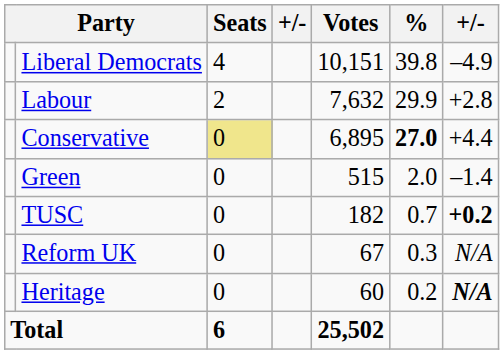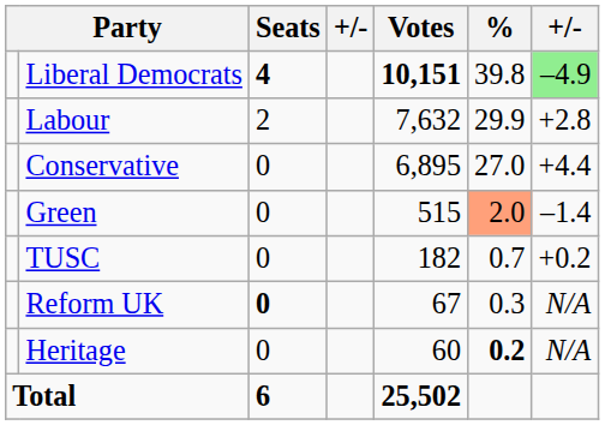 <table class="wikitable sortable">
 <tr>
 <th colspan="2">Party</th>
 <th>Seats</th>
 <th>+/-</th>
 <th>Votes</th>
 <th>%</th>
 <th>+/-</th>
 </tr>
 <tr>
 <td style="background-color: "></td>
 <td><a href='#'>Liberal Democrats</a></td>
-<td>4</td>
+<td><strong>4</strong></td>
 <td></td>
-<td style="text-align:right;">10,151</td>
+<td style="text-align:right;"><strong>10,151</strong></td>
 <td style="text-align:right;">39.8</td>
-<td style="text-align:right;">–4.9</td>
+<td style="background: lightgreen; text-align:right;">–4.9</td>
 </tr>
 <tr>
 <td style="background-color: "></td>
 <td><a href='#'>Labour</a></td>
 <td>2</td>
 <td></td>
 <td style="text-align:right;">7,632</td>
 <td style="text-align:right;">29.9</td>
 <td style="text-align:right;">+2.8</td>
 </tr>
 <tr>
 <td style="background-color: "></td>
 <td><a href='#'>Conservative</a></td>
-<td style="background: khaki;">0</td>
+<td>0</td>
 <td></td>
 <td style="text-align:right;">6,895</td>
-<td style="text-align:right;"><strong>27.0</strong></td>
+<td style="text-align:right;">27.0</td>
 <td style="text-align:right;">+4.4</td>
 </tr>
 <tr>
 <td style="background-color: "></td>
 <td><a href='#'>Green</a></td>
 <td>0</td>
 <td></td>
 <td style="text-align:right;">515</td>
-<td style="text-align:right;">2.0</td>
+<td style="background: lightsalmon; text-align:right;">2.0</td>
 <td style="text-align:right;">–1.4</td>
 </tr>
 <tr>
 <td style="background-color: "></td>
 <td><a href='#'>TUSC</a></td>
 <td>0</td>
 <td></td>
 <td style="text-align:right;">182</td>
 <td style="text-align:right;">0.7</td>
-<td style="text-align:right;"><strong>+0.2</strong></td>
+<td style="text-align:right;">+0.2</td>
 </tr>
 <tr>
 <td style="background-color: "></td>
 <td><a href='#'>Reform UK</a></td>
-<td>0</td>
+<td><strong>0</strong></td>
 <td></td>
 <td style="text-align:right;">67</td>
 <td style="text-align:right;">0.3</td>
 <td style="text-align:right;"><em>N/A</em></td>
 </tr>
 <tr>
 <td style="background-color: "></td>
 <td><a href='#'>Heritage</a></td>
 <td>0</td>
 <td></td>
 <td style="text-align:right;">60</td>
-<td style="text-align:right;">0.2</td>
-<td style="text-align:right;"><strong><em>N/A</em></strong></td>
+<td style="text-align:right;"><strong>0.2</strong></td>
+<td style="text-align:right;"><em>N/A</em></td>
 </tr>
 <tr>
 <td colspan="2"><strong>Total</strong></td>
 <td><strong>6</strong></td>
 <td></td>
 <td style="text-align:right;"><strong>25,502</strong></td>
 <td style="text-align:right;"></td>
 <td style="text-align:right;"></td>
 </tr>
 </table>
